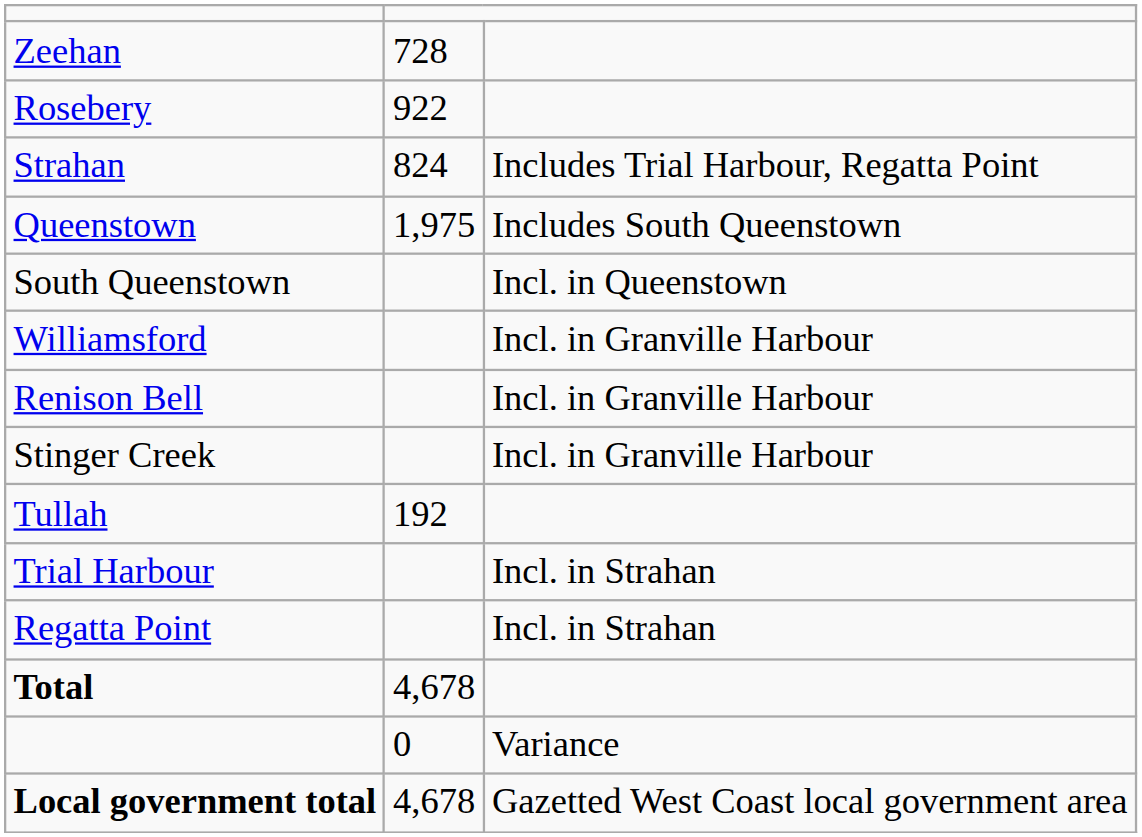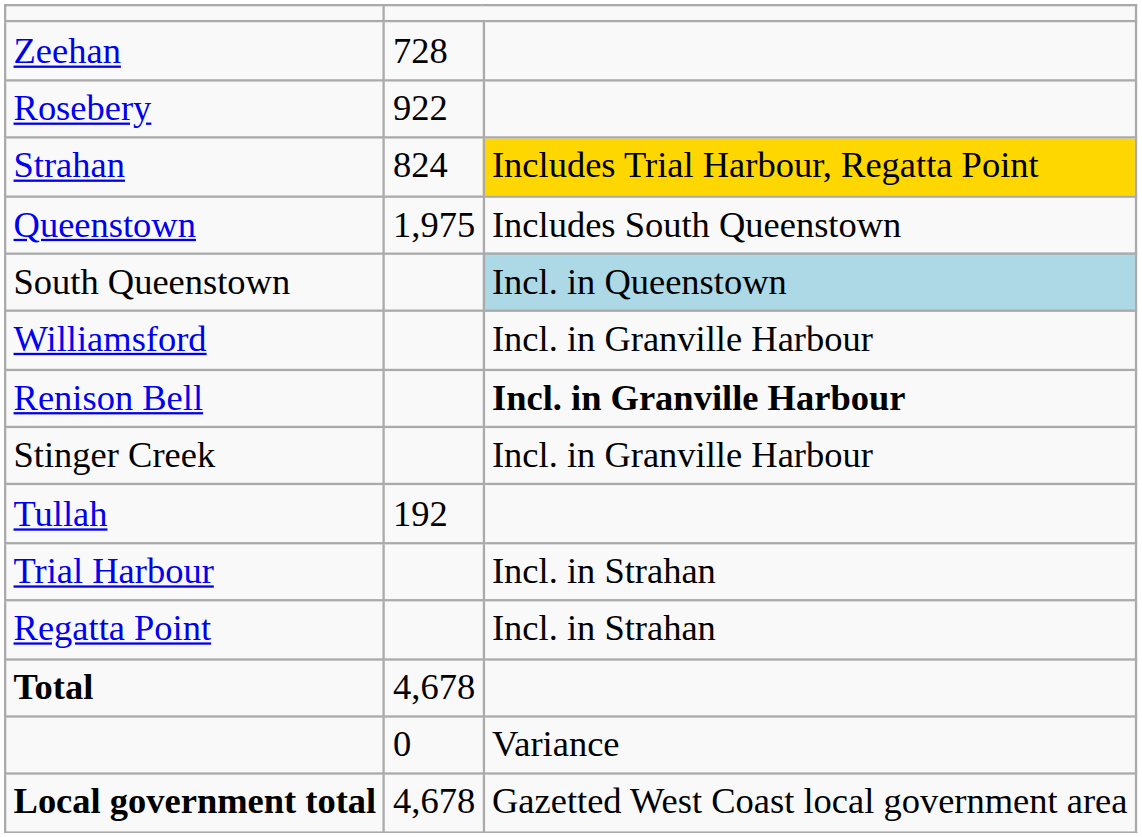 <table class="wikitable">
 <tr>
 <td></td>
 </tr>
 <tr>
 <td><a href='#'>Zeehan</a></td>
 <td>728</td>
 <td></td>
 </tr>
 <tr>
 <td><a href='#'>Rosebery</a></td>
 <td>922</td>
 <td></td>
 </tr>
 <tr>
 <td><a href='#'>Strahan</a></td>
 <td>824</td>
-<td>Includes Trial Harbour, Regatta Point</td>
+<td style="background: gold;">Includes Trial Harbour, Regatta Point</td>
 </tr>
 <tr>
 <td><a href='#'>Queenstown</a></td>
 <td>1,975</td>
 <td>Includes South Queenstown</td>
 </tr>
 <tr>
 <td>South Queenstown</td>
 <td></td>
-<td>Incl. in Queenstown</td>
+<td style="background: lightblue;">Incl. in Queenstown</td>
 </tr>
 <tr>
 <td><a href='#'>Williamsford</a></td>
 <td></td>
 <td>Incl. in Granville Harbour</td>
 </tr>
 <tr>
 <td><a href='#'>Renison Bell</a></td>
 <td></td>
-<td>Incl. in Granville Harbour</td>
+<td><strong>Incl. in Granville Harbour</strong></td>
 </tr>
 <tr>
 <td>Stinger Creek</td>
 <td></td>
 <td>Incl. in Granville Harbour</td>
 </tr>
 <tr>
 <td><a href='#'>Tullah</a></td>
 <td>192</td>
 <td></td>
 </tr>
 <tr>
 <td><a href='#'>Trial Harbour</a></td>
 <td></td>
 <td>Incl. in Strahan</td>
 </tr>
 <tr>
 <td><a href='#'>Regatta Point</a></td>
 <td></td>
 <td>Incl. in Strahan</td>
 </tr>
 <tr>
 <td><strong>Total</strong></td>
 <td>4,678</td>
 <td></td>
 </tr>
 <tr>
 <td></td>
 <td>0</td>
 <td>Variance</td>
 </tr>
 <tr>
 <td><strong>Local government total</strong></td>
 <td>4,678</td>
 <td>Gazetted West Coast local government area</td>
 </tr>
 <tr>
 </tr>
 </table>
